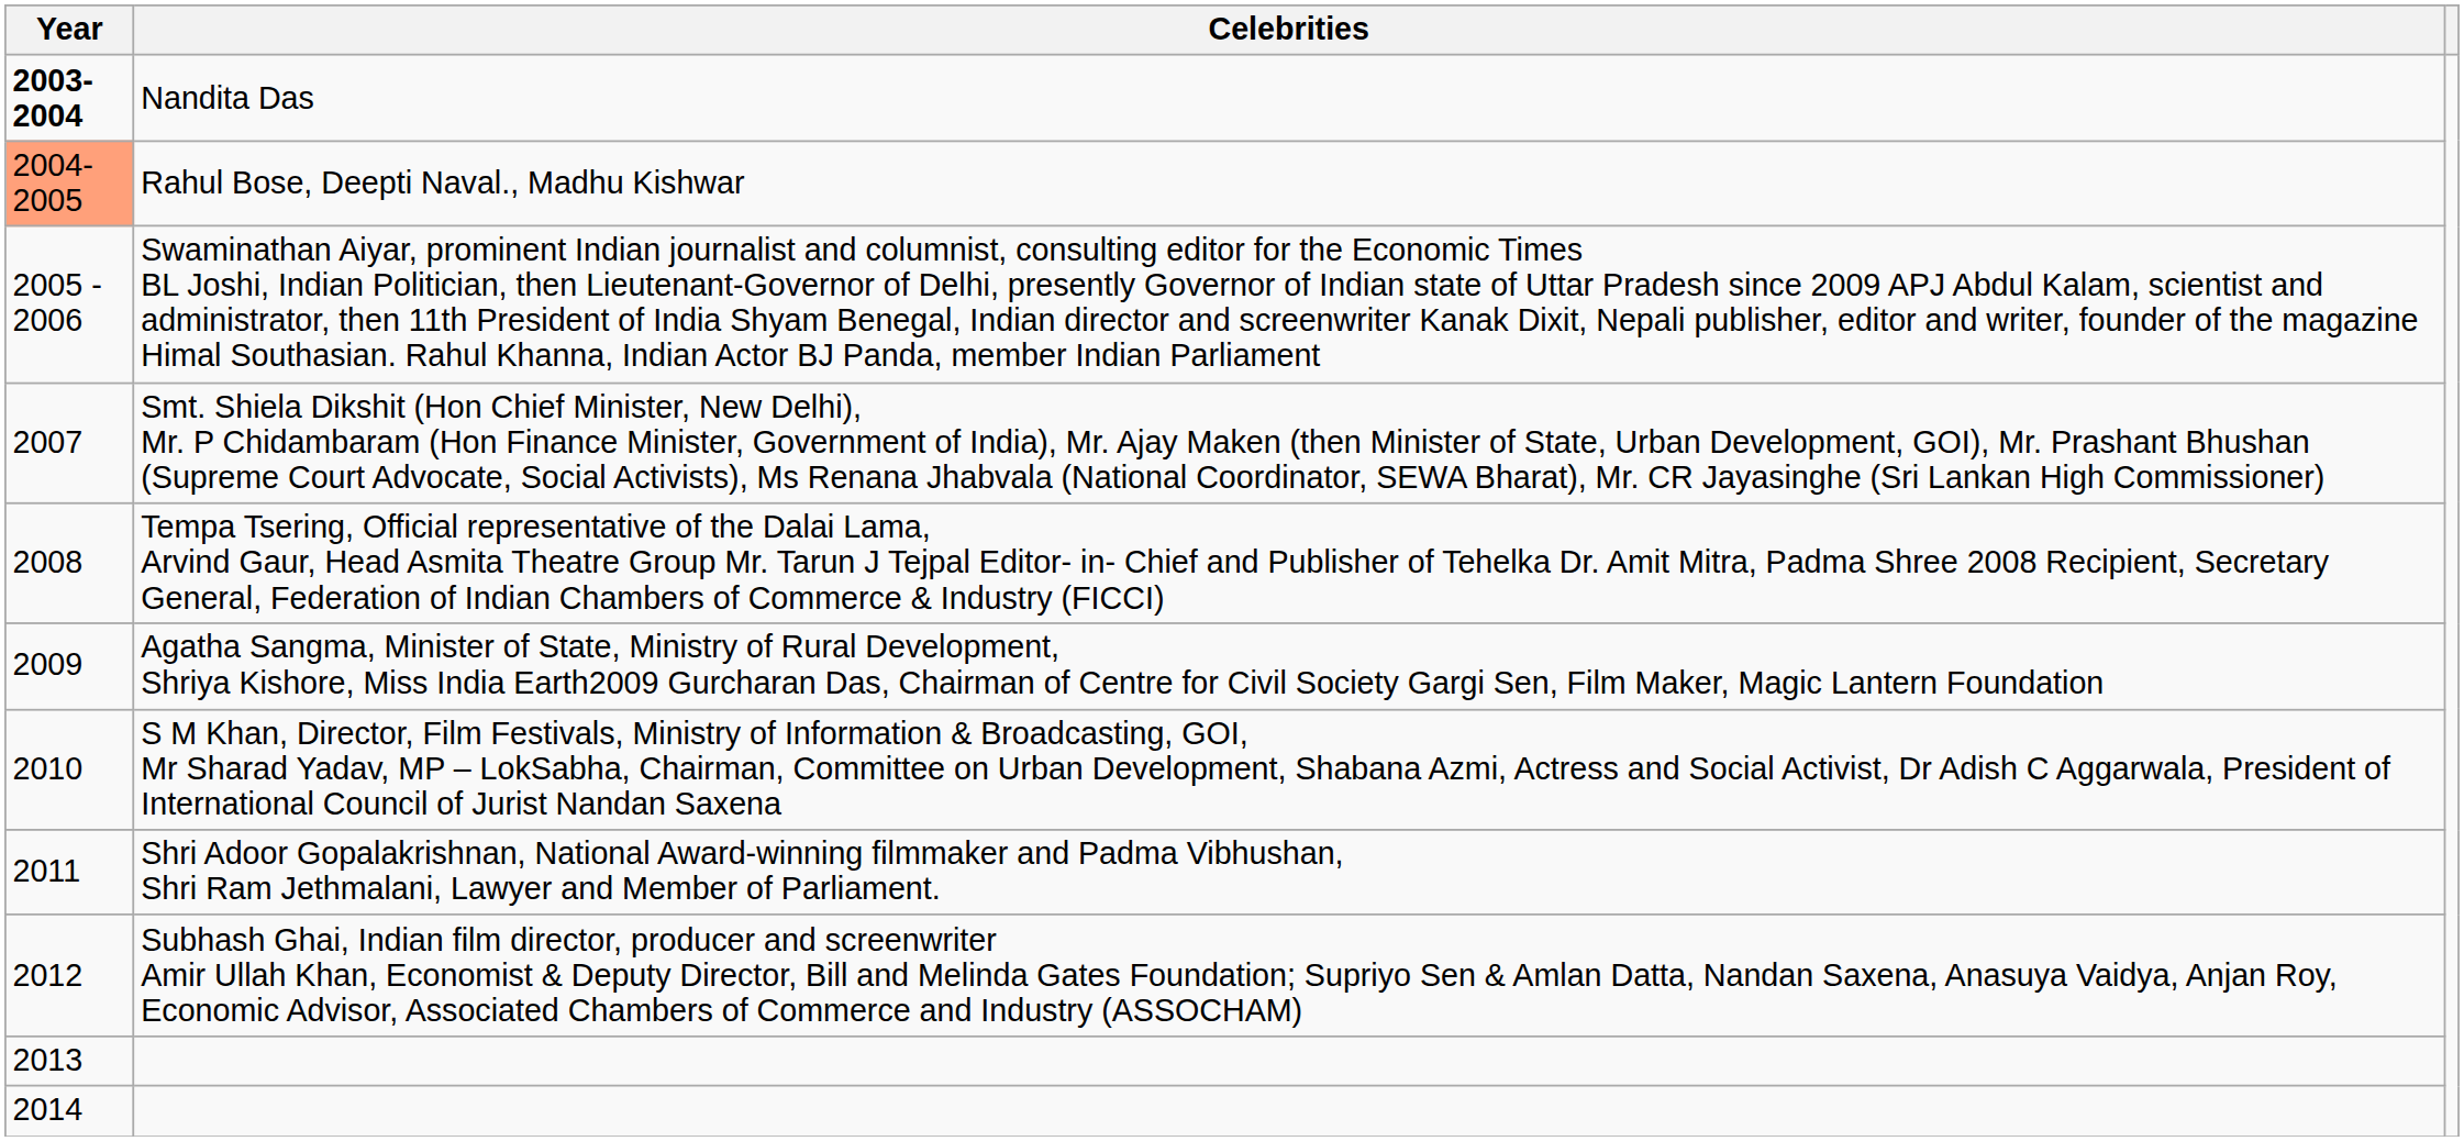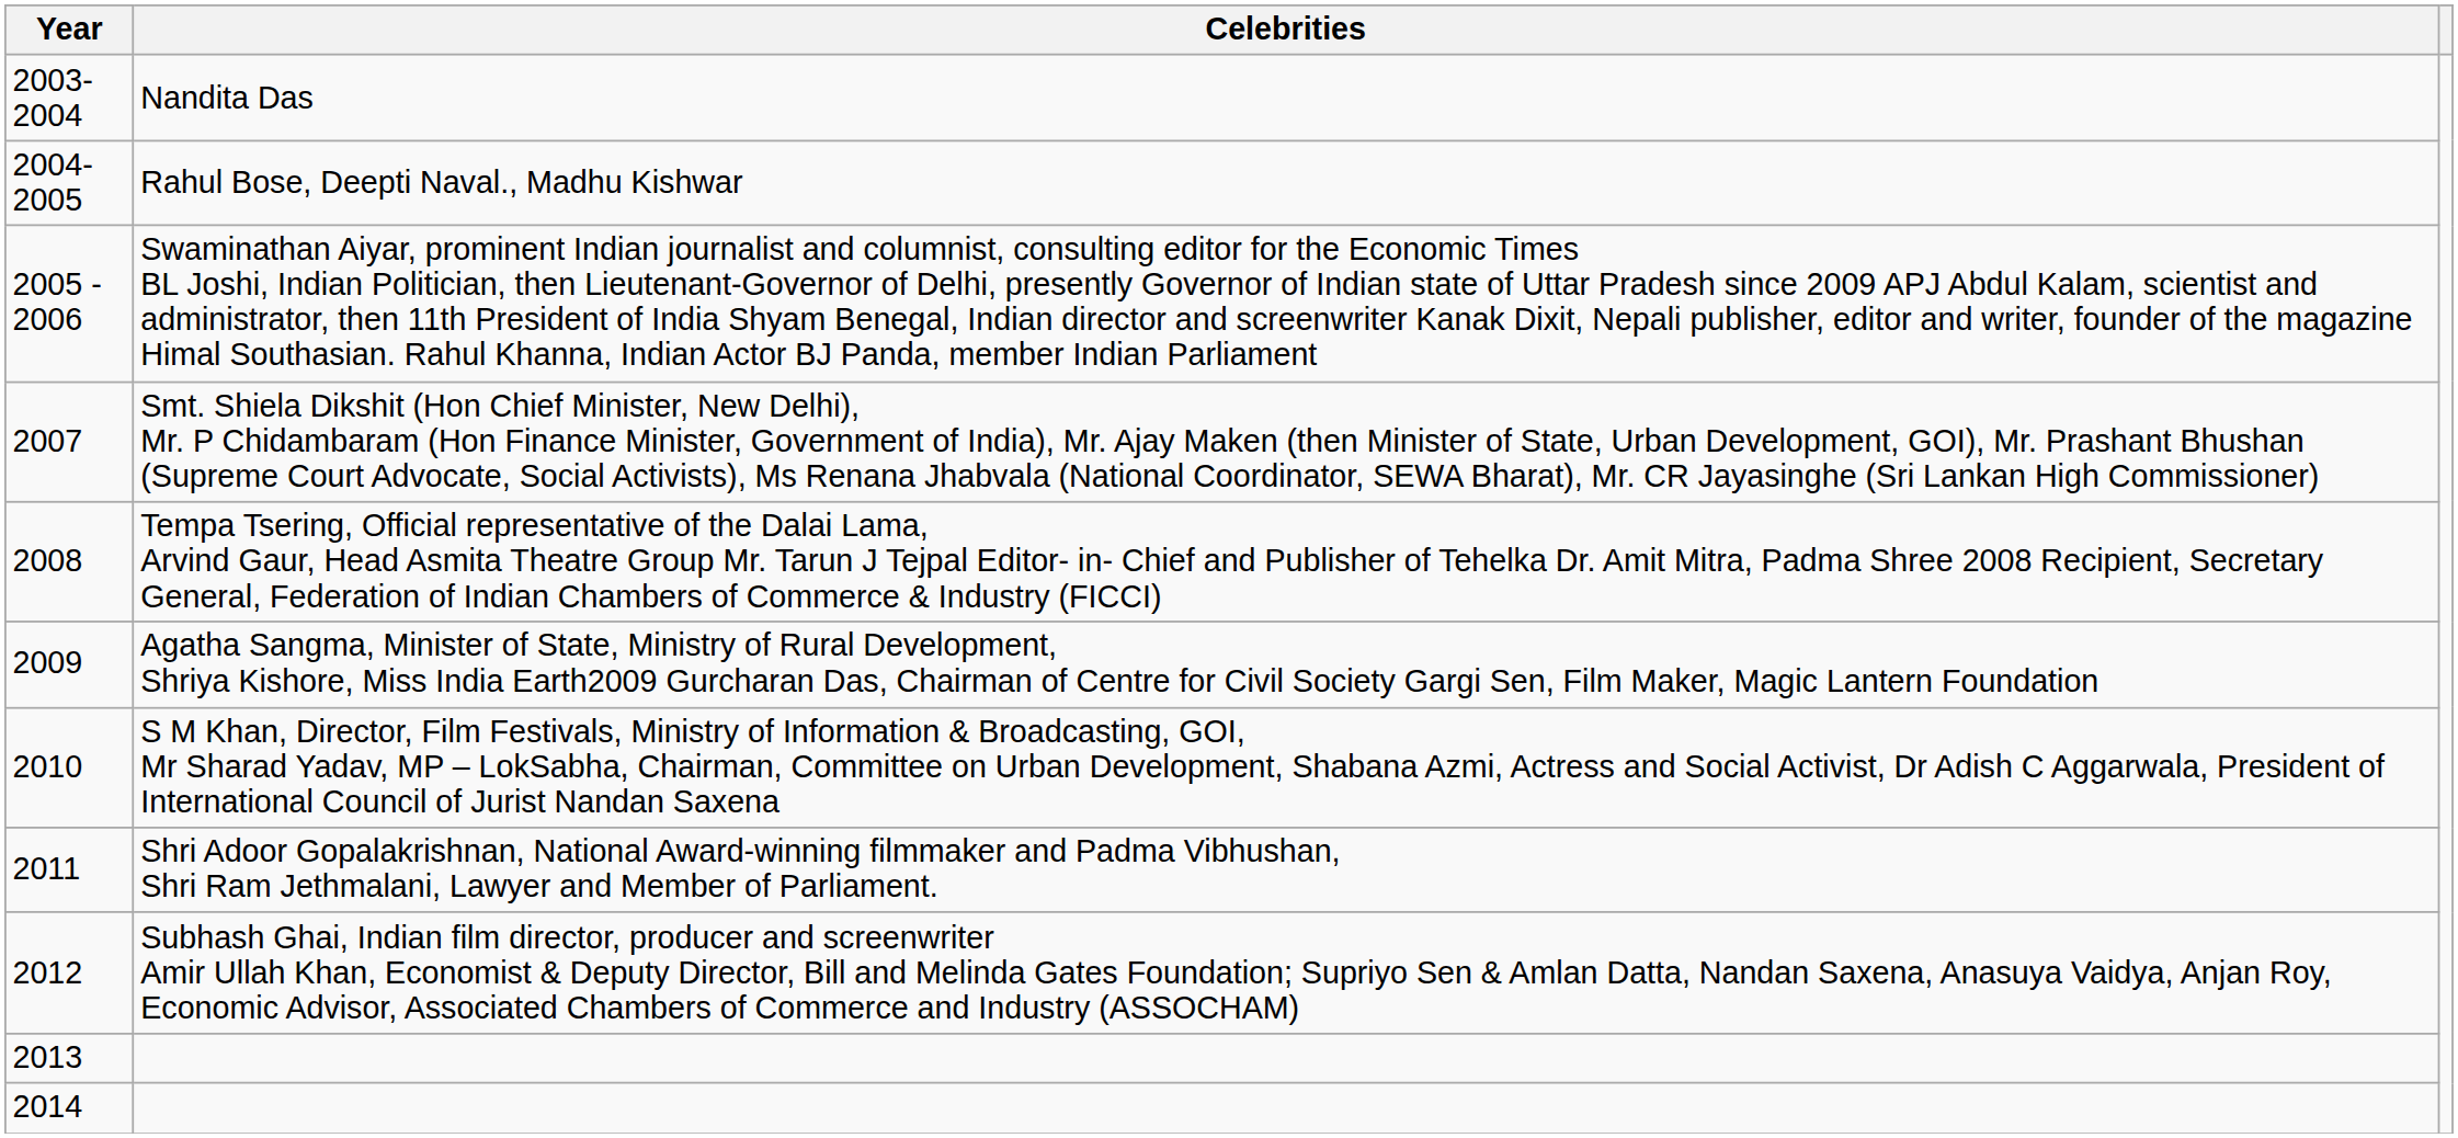 <table class="wikitable">
 <tr>
 <th>Year</th>
 <th>Celebrities</th>
 <th></th>
 </tr>
 <tr>
-<td><strong>2003-2004</strong></td>
+<td>2003-2004</td>
 <td>Nandita Das</td>
 </tr>
 <tr>
-<td style="background: lightsalmon;">2004-2005</td>
+<td>2004-2005</td>
 <td>Rahul Bose, Deepti Naval., Madhu Kishwar</td>
 </tr>
 <tr>
 <td>2005 - 2006</td>
 <td>Swaminathan Aiyar, prominent Indian journalist and columnist, consulting editor for the Economic Times<br>BL Joshi, Indian Politician, then Lieutenant-Governor of Delhi, presently Governor of Indian state of Uttar Pradesh since 2009 APJ Abdul Kalam, scientist and administrator, then 11th President of India Shyam Benegal, Indian director and screenwriter Kanak Dixit, Nepali publisher, editor and writer, founder of the magazine Himal Southasian. Rahul Khanna, Indian Actor BJ Panda, member Indian Parliament</td>
 </tr>
 <tr>
 <td>2007</td>
 <td>Smt. Shiela Dikshit (Hon Chief Minister, New Delhi),<br>Mr. P Chidambaram (Hon Finance Minister, Government of India),  Mr. Ajay Maken (then Minister of State, Urban Development, GOI),  Mr. Prashant Bhushan (Supreme Court Advocate, Social Activists),  Ms Renana Jhabvala (National Coordinator, SEWA Bharat),  Mr. CR Jayasinghe (Sri Lankan High Commissioner)</td>
 </tr>
 <tr>
 <td>2008</td>
 <td>Tempa Tsering, Official representative of the Dalai Lama,<br>Arvind Gaur, Head Asmita Theatre Group Mr. Tarun J Tejpal Editor- in- Chief and Publisher of Tehelka Dr. Amit Mitra, Padma Shree 2008 Recipient, Secretary General, Federation of Indian Chambers of Commerce & Industry (FICCI)</td>
 </tr>
 <tr>
 <td>2009</td>
 <td>Agatha Sangma, Minister of State, Ministry of Rural Development,<br>Shriya Kishore, Miss India Earth2009 Gurcharan Das, Chairman of Centre for Civil Society Gargi Sen, Film Maker, Magic Lantern Foundation</td>
 </tr>
 <tr>
 <td>2010</td>
 <td>S M Khan, Director, Film Festivals, Ministry of Information & Broadcasting, GOI,<br>Mr Sharad Yadav, MP – LokSabha, Chairman, Committee on Urban Development, Shabana Azmi, Actress and Social Activist, Dr Adish C Aggarwala, President of International Council of Jurist Nandan Saxena</td>
 </tr>
 <tr>
 <td>2011</td>
 <td>Shri Adoor Gopalakrishnan, National Award-winning filmmaker and Padma Vibhushan,<br>Shri Ram Jethmalani, Lawyer and Member of Parliament.</td>
 </tr>
 <tr>
 <td>2012</td>
 <td>Subhash Ghai, Indian film director, producer and screenwriter<br>Amir Ullah Khan, Economist & Deputy Director, Bill and Melinda Gates Foundation;  Supriyo Sen & Amlan Datta,  Nandan Saxena, Anasuya Vaidya,  Anjan Roy, Economic Advisor, Associated Chambers of Commerce and Industry (ASSOCHAM)</td>
 </tr>
 <tr>
 <td>2013</td>
 <td></td>
 </tr>
 <tr>
 <td>2014</td>
 <td></td>
 </tr>
 </table>
